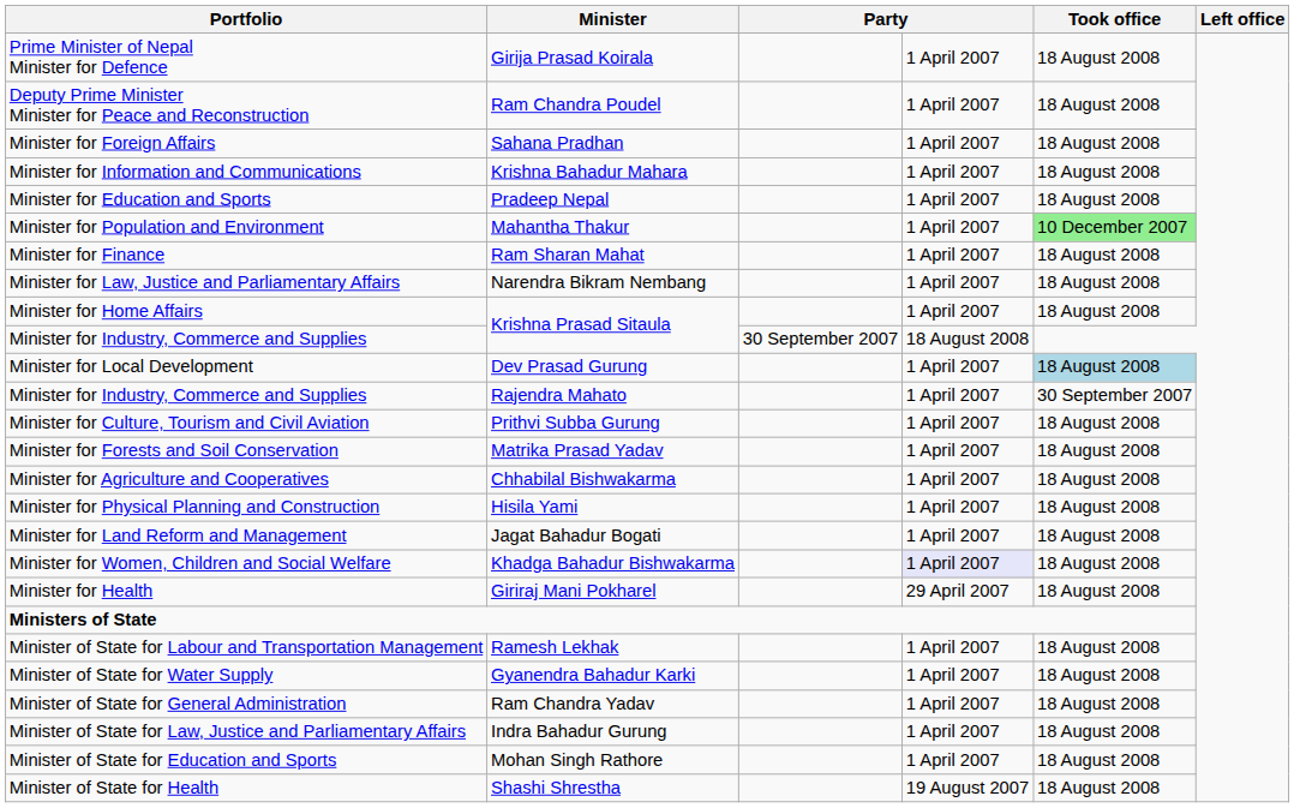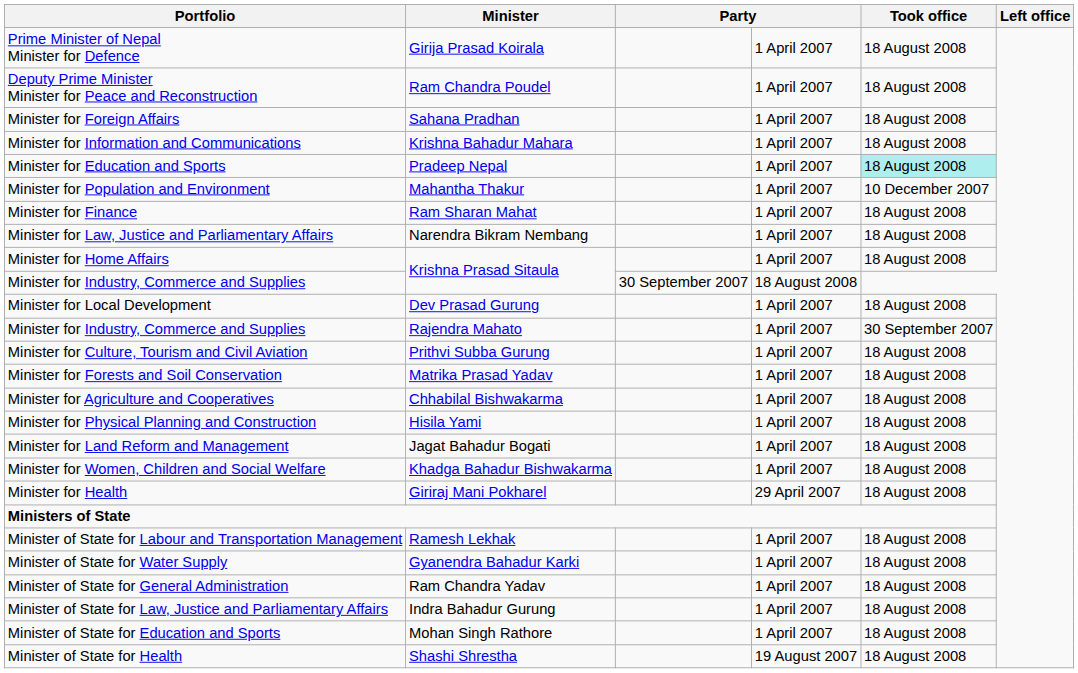 <table class="wikitable">
 <tr>
 <th>Portfolio</th>
 <th>Minister</th>
 <th colspan="2">Party</th>
 <th>Took office</th>
 <th>Left office</th>
 </tr>
 <tr>
 <td><a href='#'>Prime Minister of Nepal</a><br>Minister for <a href='#'>Defence</a></td>
 <td><a href='#'>Girija Prasad Koirala</a></td>
 <td></td>
 <td>1 April 2007</td>
 <td>18 August 2008</td>
 </tr>
 <tr>
 <td><a href='#'>Deputy Prime Minister</a><br>Minister for <a href='#'>Peace and Reconstruction</a></td>
 <td><a href='#'>Ram Chandra Poudel</a></td>
 <td></td>
 <td>1 April 2007</td>
 <td>18 August 2008</td>
 </tr>
 <tr>
 <td>Minister for <a href='#'>Foreign Affairs</a></td>
 <td><a href='#'>Sahana Pradhan</a></td>
 <td></td>
 <td>1 April 2007</td>
 <td>18 August 2008</td>
 </tr>
 <tr>
 <td>Minister for <a href='#'>Information and Communications</a></td>
 <td><a href='#'>Krishna Bahadur Mahara</a></td>
 <td></td>
 <td>1 April 2007</td>
 <td>18 August 2008</td>
 </tr>
 <tr>
 <td>Minister for <a href='#'>Education and Sports</a></td>
 <td><a href='#'>Pradeep Nepal</a></td>
 <td></td>
 <td>1 April 2007</td>
-<td>18 August 2008</td>
+<td style="background: paleturquoise;">18 August 2008</td>
 </tr>
 <tr>
 <td>Minister for <a href='#'>Population and Environment</a></td>
 <td><a href='#'>Mahantha Thakur</a></td>
 <td></td>
 <td>1 April 2007</td>
-<td style="background: lightgreen;">10 December 2007</td>
+<td>10 December 2007</td>
 </tr>
 <tr>
 <td>Minister for <a href='#'>Finance</a></td>
 <td><a href='#'>Ram Sharan Mahat</a></td>
 <td></td>
 <td>1 April 2007</td>
 <td>18 August 2008</td>
 </tr>
 <tr>
 <td>Minister for <a href='#'>Law, Justice and Parliamentary Affairs</a></td>
 <td>Narendra Bikram Nembang</td>
 <td></td>
 <td>1 April 2007</td>
 <td>18 August 2008</td>
 </tr>
 <tr>
 <td>Minister for <a href='#'>Home Affairs</a></td>
 <td rowspan="2"><a href='#'>Krishna Prasad Sitaula</a></td>
 <td></td>
 <td>1 April 2007</td>
 <td>18 August 2008</td>
 </tr>
 <tr>
 <td>Minister for <a href='#'>Industry, Commerce and Supplies</a></td>
 <td>30 September 2007</td>
 <td>18 August 2008</td>
 </tr>
 <tr>
 <td>Minister for Local Development</td>
 <td><a href='#'>Dev Prasad Gurung</a></td>
 <td></td>
 <td>1 April 2007</td>
-<td style="background: lightblue;">18 August 2008</td>
+<td>18 August 2008</td>
 </tr>
 <tr>
 <td>Minister for <a href='#'>Industry, Commerce and Supplies</a></td>
 <td><a href='#'>Rajendra Mahato</a></td>
 <td></td>
 <td>1 April 2007</td>
 <td>30 September 2007</td>
 </tr>
 <tr>
 <td>Minister for <a href='#'>Culture, Tourism and Civil Aviation</a></td>
 <td><a href='#'>Prithvi Subba Gurung</a></td>
 <td></td>
 <td>1 April 2007</td>
 <td>18 August 2008</td>
 </tr>
 <tr>
 <td>Minister for <a href='#'>Forests and Soil Conservation</a></td>
 <td><a href='#'>Matrika Prasad Yadav</a></td>
 <td></td>
 <td>1 April 2007</td>
 <td>18 August 2008</td>
 </tr>
 <tr>
 <td>Minister for <a href='#'>Agriculture and Cooperatives</a></td>
 <td><a href='#'>Chhabilal Bishwakarma</a></td>
 <td></td>
 <td>1 April 2007</td>
 <td>18 August 2008</td>
 </tr>
 <tr>
 <td>Minister for <a href='#'>Physical Planning and Construction</a></td>
 <td><a href='#'>Hisila Yami</a></td>
 <td></td>
 <td>1 April 2007</td>
 <td>18 August 2008</td>
 </tr>
 <tr>
 <td>Minister for <a href='#'>Land Reform and Management</a></td>
 <td>Jagat Bahadur Bogati</td>
 <td></td>
 <td>1 April 2007</td>
 <td>18 August 2008</td>
 </tr>
 <tr>
 <td>Minister for <a href='#'>Women, Children and Social Welfare</a></td>
 <td><a href='#'>Khadga Bahadur Bishwakarma</a></td>
 <td></td>
-<td style="background: lavender;">1 April 2007</td>
+<td>1 April 2007</td>
 <td>18 August 2008</td>
 </tr>
 <tr>
 <td>Minister for <a href='#'>Health</a></td>
 <td><a href='#'>Giriraj Mani Pokharel</a></td>
 <td></td>
 <td>29 April 2007</td>
 <td>18 August 2008</td>
 </tr>
 <tr>
 <td colspan="5"><strong>Ministers of State</strong></td>
 </tr>
 <tr>
 <td>Minister of State for <a href='#'>Labour and Transportation Management</a></td>
 <td><a href='#'>Ramesh Lekhak</a></td>
 <td></td>
 <td>1 April 2007</td>
 <td>18 August 2008</td>
 </tr>
 <tr>
 <td>Minister of State for <a href='#'>Water Supply</a></td>
 <td><a href='#'>Gyanendra Bahadur Karki</a></td>
 <td></td>
 <td>1 April 2007</td>
 <td>18 August 2008</td>
 </tr>
 <tr>
 <td>Minister of State for <a href='#'>General Administration</a></td>
 <td>Ram Chandra Yadav</td>
 <td></td>
 <td>1 April 2007</td>
 <td>18 August 2008</td>
 </tr>
 <tr>
 <td>Minister of State for <a href='#'>Law, Justice and Parliamentary Affairs</a></td>
 <td>Indra Bahadur Gurung</td>
 <td></td>
 <td>1 April 2007</td>
 <td>18 August 2008</td>
 </tr>
 <tr>
 <td>Minister of State for <a href='#'>Education and Sports</a></td>
 <td>Mohan Singh Rathore</td>
 <td></td>
 <td>1 April 2007</td>
 <td>18 August 2008</td>
 </tr>
 <tr>
 <td>Minister of State for <a href='#'>Health</a></td>
 <td><a href='#'>Shashi Shrestha</a></td>
 <td></td>
 <td>19 August 2007</td>
 <td>18 August 2008</td>
 </tr>
 </table>
